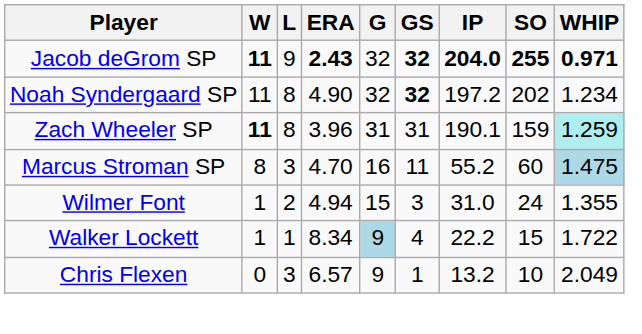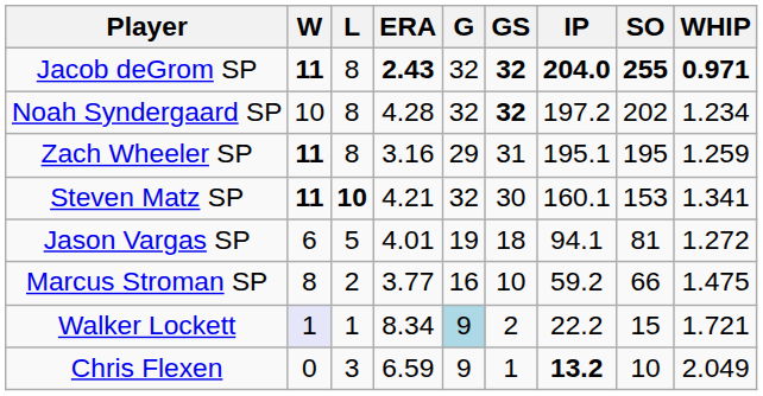 <table class="wikitable sortable">
 <tr>
 <th>Player</th>
 <th>W</th>
 <th>L</th>
 <th>ERA</th>
 <th>G</th>
 <th>GS</th>
 <th>IP</th>
 <th>SO</th>
 <th>WHIP</th>
 </tr>
 <tr align=center>
 <td><a href='#'>Jacob deGrom</a> SP</td>
 <td><strong>11</strong></td>
-<td>9</td>
+<td>8</td>
 <td><strong>2.43</strong></td>
 <td>32</td>
 <td><strong>32</strong></td>
 <td><strong>204.0</strong></td>
 <td><strong>255</strong></td>
 <td><strong>0.971</strong></td>
 </tr>
 <tr align=center>
 <td><a href='#'>Noah Syndergaard</a> SP</td>
-<td>11</td>
+<td>10</td>
 <td>8</td>
-<td>4.90</td>
+<td>4.28</td>
 <td>32</td>
 <td><strong>32</strong></td>
 <td>197.2</td>
 <td>202</td>
 <td>1.234</td>
 </tr>
 <tr align=center>
 <td><a href='#'>Zach Wheeler</a> SP</td>
 <td><strong>11</strong></td>
 <td>8</td>
-<td>3.96</td>
+<td>3.16</td>
+<td>29</td>
 <td>31</td>
-<td>31</td>
-<td>190.1</td>
-<td>159</td>
-<td style="background: paleturquoise;">1.259</td>
+<td>195.1</td>
+<td>195</td>
+<td>1.259</td>
+</tr>
+<tr align=center>
+<td><a href='#'>Steven Matz</a> SP</td>
+<td><strong>11</strong></td>
+<td><strong>10</strong></td>
+<td>4.21</td>
+<td>32</td>
+<td>30</td>
+<td>160.1</td>
+<td>153</td>
+<td>1.341</td>
+</tr>
+<tr align=center>
+<td><a href='#'>Jason Vargas</a> SP</td>
+<td>6</td>
+<td>5</td>
+<td>4.01</td>
+<td>19</td>
+<td>18</td>
+<td>94.1</td>
+<td>81</td>
+<td>1.272</td>
 </tr>
 <tr align=center>
 <td><a href='#'>Marcus Stroman</a> SP</td>
 <td>8</td>
-<td>3</td>
-<td>4.70</td>
+<td>2</td>
+<td>3.77</td>
 <td>16</td>
-<td>11</td>
-<td>55.2</td>
-<td>60</td>
-<td style="background: lightblue;">1.475</td>
-</tr>
-<tr align=center>
-<td><a href='#'>Wilmer Font</a></td>
-<td>1</td>
-<td>2</td>
-<td>4.94</td>
-<td>15</td>
-<td>3</td>
-<td>31.0</td>
-<td>24</td>
-<td>1.355</td>
+<td>10</td>
+<td>59.2</td>
+<td>66</td>
+<td>1.475</td>
 </tr>
 <tr align=center>
 <td><a href='#'>Walker Lockett</a></td>
-<td>1</td>
+<td style="background: lavender;">1</td>
 <td>1</td>
 <td>8.34</td>
 <td style="background: lightblue;">9</td>
-<td>4</td>
+<td>2</td>
 <td>22.2</td>
 <td>15</td>
-<td>1.722</td>
+<td>1.721</td>
 </tr>
 <tr align=center>
 <td><a href='#'>Chris Flexen</a></td>
 <td>0</td>
 <td>3</td>
-<td>6.57</td>
+<td>6.59</td>
 <td>9</td>
 <td>1</td>
-<td>13.2</td>
+<td><strong>13.2</strong></td>
 <td>10</td>
 <td>2.049</td>
 </tr>
 </table>
